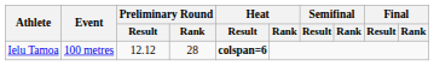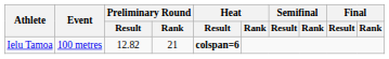 <table class=wikitable style=font-size:90%>
 <tr>
 <th rowspan=2>Athlete</th>
 <th rowspan=2>Event</th>
 <th colspan=2>Preliminary Round</th>
 <th colspan=2>Heat</th>
 <th colspan=2>Semifinal</th>
 <th colspan=2>Final</th>
 </tr>
 <tr style=font-size:95%>
 <th>Result</th>
 <th>Rank</th>
 <th>Result</th>
 <th>Rank</th>
 <th>Result</th>
 <th>Rank</th>
 <th>Result</th>
 <th>Rank</th>
 </tr>
 <tr align=center>
 <td align=left><a href='#'>Ielu Tamoa</a></td>
 <td align=left><a href='#'>100 metres</a></td>
-<td>12.12 <strong></strong></td>
-<td>28</td>
+<td>12.82 <strong></strong></td>
+<td>21</td>
 <td><strong>colspan=6 </strong></td>
 </tr>
 </table>
